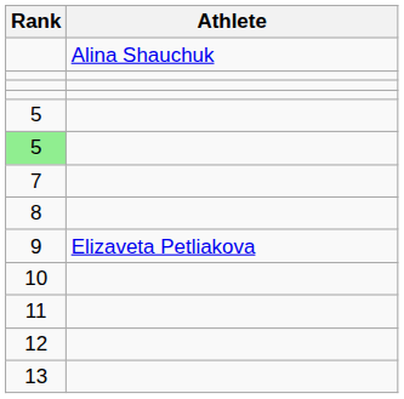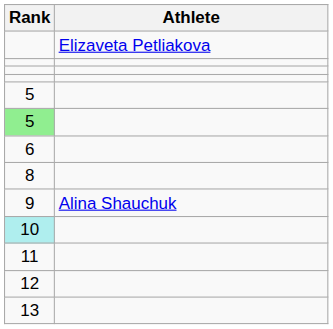 <table class="wikitable" style="text-align: center;">
 <tr>
 <th width=40>Rank</th>
 <th width=250>Athlete</th>
 </tr>
 <tr>
 <td></td>
-<td align="left"> <a href='#'>Alina Shauchuk</a>  </td>
+<td align="left"> <a href='#'>Elizaveta Petliakova</a> </td>
 </tr>
 <tr>
 <td></td>
 <td align="left"></td>
 </tr>
 <tr>
 <td></td>
 <td align="left"></td>
 </tr>
 <tr>
 <td></td>
 <td align="left"></td>
 </tr>
 <tr>
 <td>5</td>
 <td align="left"></td>
 </tr>
 <tr>
 <td style="background: lightgreen;">5</td>
 <td align="left"></td>
 </tr>
 <tr>
-<td>7</td>
+<td>6</td>
 <td align="left"></td>
 </tr>
 <tr>
 <td>8</td>
 <td align="left"></td>
 </tr>
 <tr>
 <td>9</td>
-<td align="left"> <a href='#'>Elizaveta Petliakova</a> </td>
+<td align="left"> <a href='#'>Alina Shauchuk</a>  </td>
 </tr>
 <tr>
-<td>10</td>
+<td style="background: paleturquoise;">10</td>
 <td align="left"></td>
 </tr>
 <tr>
 <td>11</td>
 <td align="left"></td>
 </tr>
 <tr>
 <td>12</td>
 <td align="left"></td>
 </tr>
 <tr>
 <td>13</td>
 <td align="left"></td>
 </tr>
 </table>
